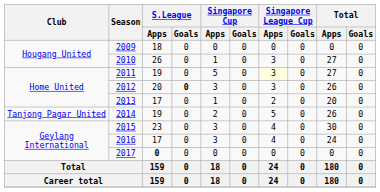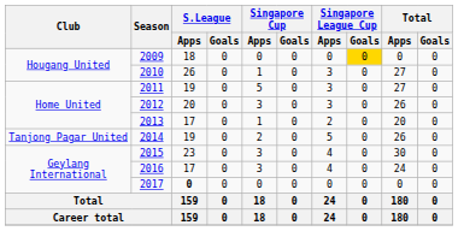 <table class="wikitable" style="text-align:center">
 <tr>
 <th rowspan=2 width=160>Club</th>
 <th rowspan=2>Season</th>
 <th colspan=2><a href='#'>S.League</a></th>
 <th colspan=2><a href='#'>Singapore Cup</a></th>
 <th colspan=2><a href='#'>Singapore<br>League Cup</a></th>
 <th colspan=2>Total</th>
 </tr>
 <tr>
 <th width=40>Apps</th>
 <th width=40>Goals</th>
 <th width=40>Apps</th>
 <th width=40>Goals</th>
 <th width=40>Apps</th>
 <th width=40>Goals</th>
 <th width=40>Apps</th>
 <th width=40>Goals</th>
 </tr>
 <tr>
 <td rowspan=2><a href='#'>Hougang United</a></td>
 <td><a href='#'>2009</a></td>
 <td>18</td>
 <td>0</td>
 <td>0</td>
 <td>0</td>
 <td>0</td>
-<td>0</td>
+<td style="background: gold;">0</td>
 <td>0</td>
 <td>0</td>
 </tr>
 <tr>
 <td><a href='#'>2010</a></td>
 <td>26</td>
 <td>0</td>
 <td>1</td>
 <td>0</td>
 <td>3</td>
 <td>0</td>
 <td>27</td>
 <td>0</td>
 </tr>
 <tr>
 <td rowspan=3><a href='#'>Home United</a></td>
 <td><a href='#'>2011</a></td>
 <td>19</td>
 <td>0</td>
 <td>5</td>
 <td>0</td>
-<td style="background: lightyellow;">3</td>
+<td>3</td>
 <td>0</td>
 <td>27</td>
 <td>0</td>
 </tr>
 <tr>
 <td><a href='#'>2012</a></td>
 <td>20</td>
-<td><strong>0</strong></td>
+<td>0</td>
 <td>3</td>
 <td>0</td>
 <td>3</td>
 <td>0</td>
 <td>26</td>
 <td>0</td>
 </tr>
 <tr>
 <td><a href='#'>2013</a></td>
 <td>17</td>
 <td>0</td>
 <td>1</td>
 <td>0</td>
 <td>2</td>
 <td>0</td>
 <td>20</td>
 <td>0</td>
 </tr>
 <tr>
 <td><a href='#'>Tanjong Pagar United</a></td>
 <td><a href='#'>2014</a></td>
 <td>19</td>
 <td>0</td>
 <td>2</td>
 <td>0</td>
 <td>5</td>
 <td>0</td>
 <td>26</td>
 <td>0</td>
 </tr>
 <tr>
 <td rowspan=3><a href='#'>Geylang International</a></td>
 <td><a href='#'>2015</a></td>
 <td>23</td>
 <td>0</td>
 <td>3</td>
 <td>0</td>
 <td>4</td>
 <td>0</td>
 <td>30</td>
 <td>0</td>
 </tr>
 <tr>
 <td><a href='#'>2016</a></td>
 <td>17</td>
 <td>0</td>
 <td>3</td>
 <td>0</td>
 <td>4</td>
 <td>0</td>
 <td>24</td>
 <td>0</td>
 </tr>
 <tr>
 <td><a href='#'>2017</a></td>
 <td><strong>0</strong></td>
 <td>0</td>
 <td>0</td>
 <td>0</td>
 <td>0</td>
 <td>0</td>
 <td>0</td>
 <td>0</td>
 </tr>
 <tr>
 <th colspan=2>Total</th>
 <th>159</th>
 <th>0</th>
 <th>18</th>
 <th>0</th>
 <th>24</th>
 <th>0</th>
 <th>180</th>
 <th>0</th>
 </tr>
 <tr>
 <th colspan=2>Career total</th>
 <th>159</th>
 <th>0</th>
 <th>18</th>
 <th>0</th>
 <th>24</th>
 <th>0</th>
 <th>180</th>
 <th>0</th>
 </tr>
 <tr>
 </tr>
 </table>
